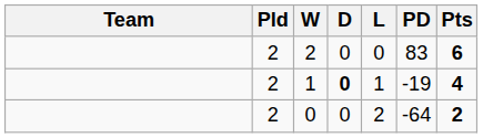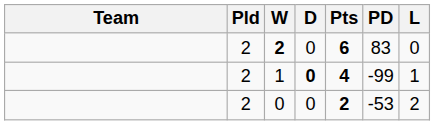 <table class="wikitable" style="text-align:center;">
 <tr>
 <th width="190">Team</th>
 <th width="20" abbr="Played">Pld</th>
 <th width="20" abbr="Won">W</th>
 <th width="20" abbr="Drawn">D</th>
+<th width="20" abbr="Points">Pts</th>
+<th width="25" abbr="Points difference">PD</th>
 <th width="20" abbr="Lost">L</th>
-<th width="25" abbr="Points difference">PD</th>
-<th width="20" abbr="Points">Pts</th>
 </tr>
 <tr>
 <td align="left"></td>
 <td>2</td>
-<td>2</td>
+<td><strong>2</strong></td>
 <td>0</td>
+<td><strong>6</strong></td>
+<td>83</td>
 <td>0</td>
-<td>83</td>
-<td><strong>6</strong></td>
 </tr>
 <tr>
 <td align="left"></td>
 <td>2</td>
 <td>1</td>
 <td><strong>0</strong></td>
+<td><strong>4</strong></td>
+<td>-99</td>
 <td>1</td>
-<td>-19</td>
-<td><strong>4</strong></td>
 </tr>
 <tr>
 <td align="left"></td>
 <td>2</td>
 <td>0</td>
 <td>0</td>
+<td><strong>2</strong></td>
+<td>-53</td>
 <td>2</td>
-<td>-64</td>
-<td><strong>2</strong></td>
 </tr>
 </table>
